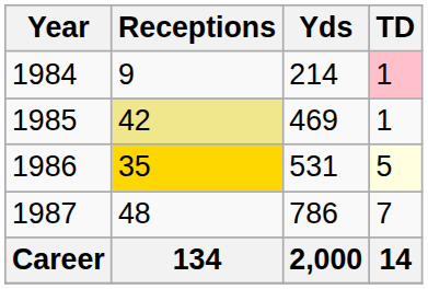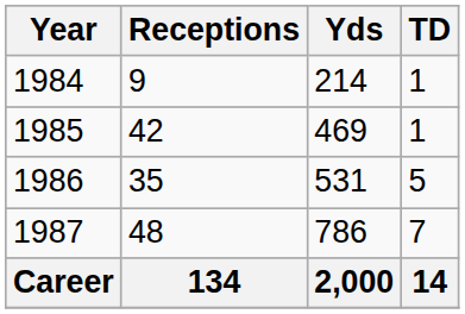 <table class="wikitable">
 <tr>
 <th>Year</th>
 <th>Receptions</th>
 <th>Yds</th>
 <th>TD</th>
 </tr>
 <tr>
 <td>1984</td>
 <td>9</td>
 <td>214</td>
-<td style="background: pink;">1</td>
+<td>1</td>
 </tr>
 <tr>
 <td>1985</td>
-<td style="background: khaki;">42</td>
+<td>42</td>
 <td>469</td>
 <td>1</td>
 </tr>
 <tr>
 <td>1986</td>
-<td style="background: gold;">35</td>
+<td>35</td>
 <td>531</td>
-<td style="background: lightyellow;">5</td>
+<td>5</td>
 </tr>
 <tr>
 <td>1987</td>
 <td>48</td>
 <td>786</td>
 <td>7</td>
 </tr>
 <tr>
 <th>Career</th>
 <th>134</th>
 <th>2,000</th>
 <th>14</th>
 </tr>
 <tr>
 </tr>
 </table>
